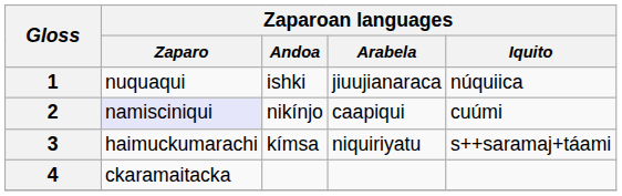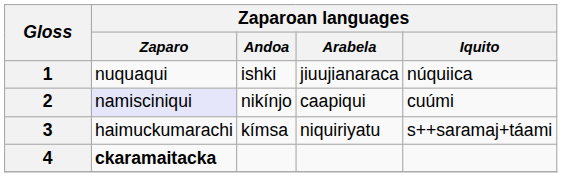 <table class="wikitable">
 <tr>
 <th rowspan=2>   <em>Gloss</em>   </th>
 <th colspan =4>Zaparoan languages</th>
 </tr>
 <tr>
 <th><small><em>Zaparo</em></small></th>
 <th rowspan=1><small><em>Andoa</em></small></th>
 <th colspan=1><small><em>Arabela</em></small></th>
 <th colspan=1><small><em>Iquito</em></small></th>
 </tr>
 <tr>
 <th>1</th>
 <td>nuquaqui</td>
 <td>ishki</td>
 <td>jiuujianaraca</td>
 <td>núquiica</td>
 </tr>
 <tr>
 <th>2</th>
 <td style="background: lavender;">namisciniqui</td>
 <td>nikínjo</td>
 <td>caapiqui</td>
 <td>cuúmi</td>
 </tr>
 <tr>
 <th>3</th>
 <td>haimuckumarachi</td>
 <td>kímsa</td>
 <td>niquiriyatu</td>
 <td>s++saramaj+táami</td>
 </tr>
 <tr>
 <th>4</th>
-<td>ckaramaitacka</td>
+<td><strong>ckaramaitacka</strong></td>
 <td></td>
 <td></td>
 <td></td>
 </tr>
 <tr>
 </tr>
 </table>
